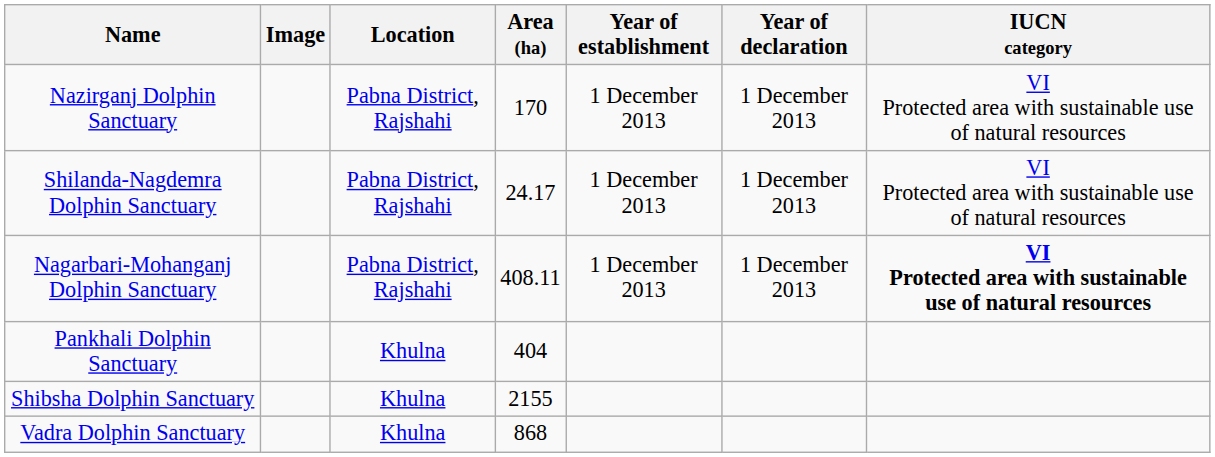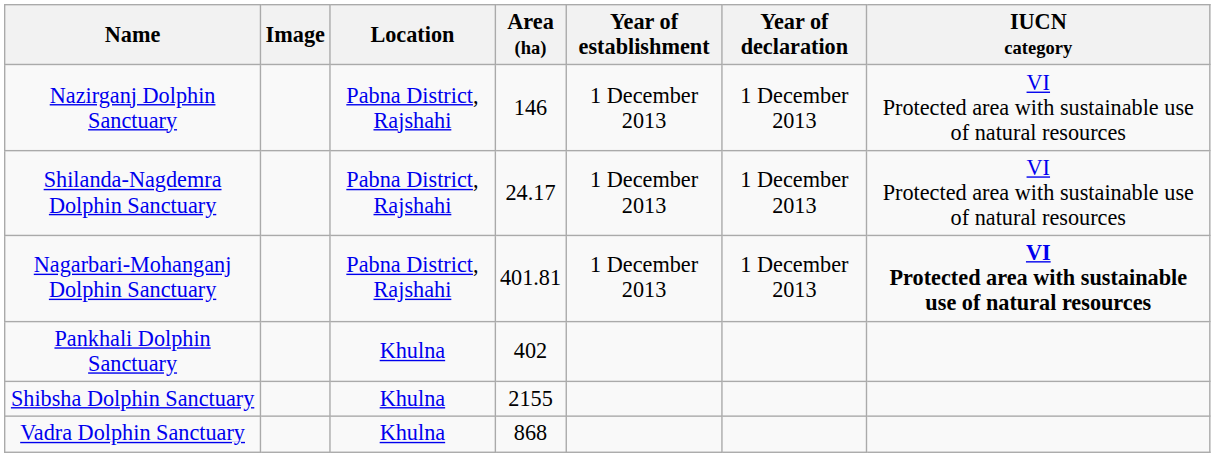 <table class="wikitable sortable sticky-header static-row-numbers static-row-header-hash" style="text-align:center">
 <tr>
 <th>Name</th>
 <th class="unsortable">Image</th>
 <th>Location</th>
 <th>Area<br><small>(ha)</small></th>
 <th>Year of<br>establishment</th>
 <th>Year of<br>declaration</th>
 <th>IUCN <br><small>category</small></th>
 </tr>
 <tr>
 <td><a href='#'>Nazirganj Dolphin Sanctuary</a></td>
 <td></td>
 <td><a href='#'>Pabna District</a>, <a href='#'>Rajshahi</a></td>
-<td>170</td>
+<td>146</td>
 <td>1 December 2013</td>
 <td>1 December 2013</td>
 <td><a href='#'>VI</a><br>Protected area with sustainable use of natural resources</td>
 </tr>
 <tr>
 <td><a href='#'>Shilanda-Nagdemra Dolphin Sanctuary</a></td>
 <td></td>
 <td><a href='#'>Pabna District</a>, <a href='#'>Rajshahi</a></td>
 <td>24.17</td>
 <td>1 December 2013</td>
 <td>1 December 2013</td>
 <td><a href='#'>VI</a><br>Protected area with sustainable use of natural resources</td>
 </tr>
 <tr>
 <td><a href='#'>Nagarbari-Mohanganj Dolphin Sanctuary</a></td>
 <td></td>
 <td><a href='#'>Pabna District</a>, <a href='#'>Rajshahi</a></td>
-<td>408.11</td>
+<td>401.81</td>
 <td>1 December 2013</td>
 <td>1 December 2013</td>
 <td><strong><a href='#'>VI</a><br>Protected area with sustainable use of natural resources</strong></td>
 </tr>
 <tr>
 <td><a href='#'>Pankhali Dolphin Sanctuary</a></td>
 <td></td>
 <td><a href='#'>Khulna</a></td>
-<td>404</td>
+<td>402</td>
 <td></td>
 <td></td>
 <td></td>
 </tr>
 <tr>
 <td><a href='#'>Shibsha Dolphin Sanctuary</a></td>
 <td></td>
 <td><a href='#'>Khulna</a></td>
 <td>2155</td>
 <td></td>
 <td></td>
 <td></td>
 </tr>
 <tr>
 <td><a href='#'>Vadra Dolphin Sanctuary</a></td>
 <td></td>
 <td><a href='#'>Khulna</a></td>
 <td>868</td>
 <td></td>
 <td></td>
 <td></td>
 </tr>
 </table>
